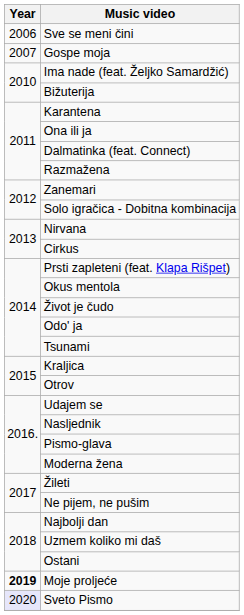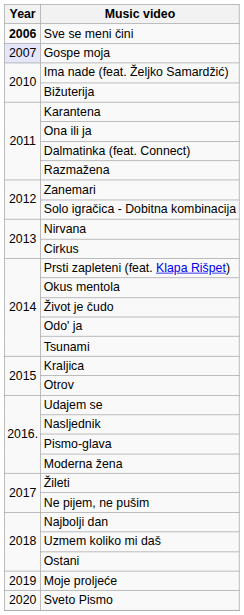 <table class="wikitable">
 <tr>
 <th rowspan="1">Year</th>
 <th rowspan="1">Music video</th>
 </tr>
 <tr>
-<td rowspan="1" align="center">2006</td>
+<td rowspan="1" align="center"><strong>2006</strong></td>
 <td>Sve se meni čini</td>
 </tr>
 <tr>
-<td rowspan="1" align="center">2007</td>
+<td rowspan="1" align="center" style="background: lavender;">2007</td>
 <td>Gospe moja</td>
 </tr>
 <tr>
 <td rowspan="2" align="center">2010</td>
 <td>Ima nade (feat. Željko Samardžić)</td>
 </tr>
 <tr>
 <td>Bižuterija</td>
 </tr>
 <tr>
 <td rowspan="4" align="center">2011</td>
 <td>Karantena</td>
 </tr>
 <tr>
 <td>Ona ili ja</td>
 </tr>
 <tr>
 <td>Dalmatinka (feat. Connect)</td>
 </tr>
 <tr>
 <td>Razmažena</td>
 </tr>
 <tr>
 <td rowspan="2" align="center">2012</td>
 <td>Zanemari</td>
 </tr>
 <tr>
 <td>Solo igračica - Dobitna kombinacija</td>
 </tr>
 <tr>
 <td rowspan="2" align="center">2013</td>
 <td>Nirvana</td>
 </tr>
 <tr>
 <td>Cirkus</td>
 </tr>
 <tr>
 <td rowspan="5" align="center">2014</td>
 <td>Prsti zapleteni (feat. <a href='#'>Klapa Rišpet</a>)</td>
 </tr>
 <tr>
 <td>Okus mentola</td>
 </tr>
 <tr>
 <td>Život je čudo</td>
 </tr>
 <tr>
 <td>Odo' ja</td>
 </tr>
 <tr>
 <td>Tsunami</td>
 </tr>
 <tr>
 <td rowspan="2" align="center">2015</td>
 <td>Kraljica</td>
 </tr>
 <tr>
 <td>Otrov</td>
 </tr>
 <tr>
 <td rowspan="4" align="center">2016.</td>
 <td>Udajem se</td>
 </tr>
 <tr>
 <td>Nasljednik</td>
 </tr>
 <tr>
 <td>Pismo-glava</td>
 </tr>
 <tr>
 <td>Moderna žena</td>
 </tr>
 <tr>
 <td rowspan="2" align="center">2017</td>
 <td>Žileti</td>
 </tr>
 <tr>
 <td>Ne pijem, ne pušim</td>
 </tr>
 <tr>
 <td rowspan="3" align="center">2018</td>
 <td>Najbolji dan</td>
 </tr>
 <tr>
 <td>Uzmem koliko mi daš</td>
 </tr>
 <tr>
 <td>Ostani</td>
 </tr>
 <tr>
-<td rowspan="1" align="center"><strong>2019</strong></td>
+<td rowspan="1" align="center">2019</td>
 <td>Moje proljeće</td>
 </tr>
 <tr>
-<td rowspan="1" align="center" style="background: lavender;">2020</td>
+<td rowspan="1" align="center">2020</td>
 <td>Sveto Pismo</td>
 </tr>
 <tr>
 </tr>
 </table>
